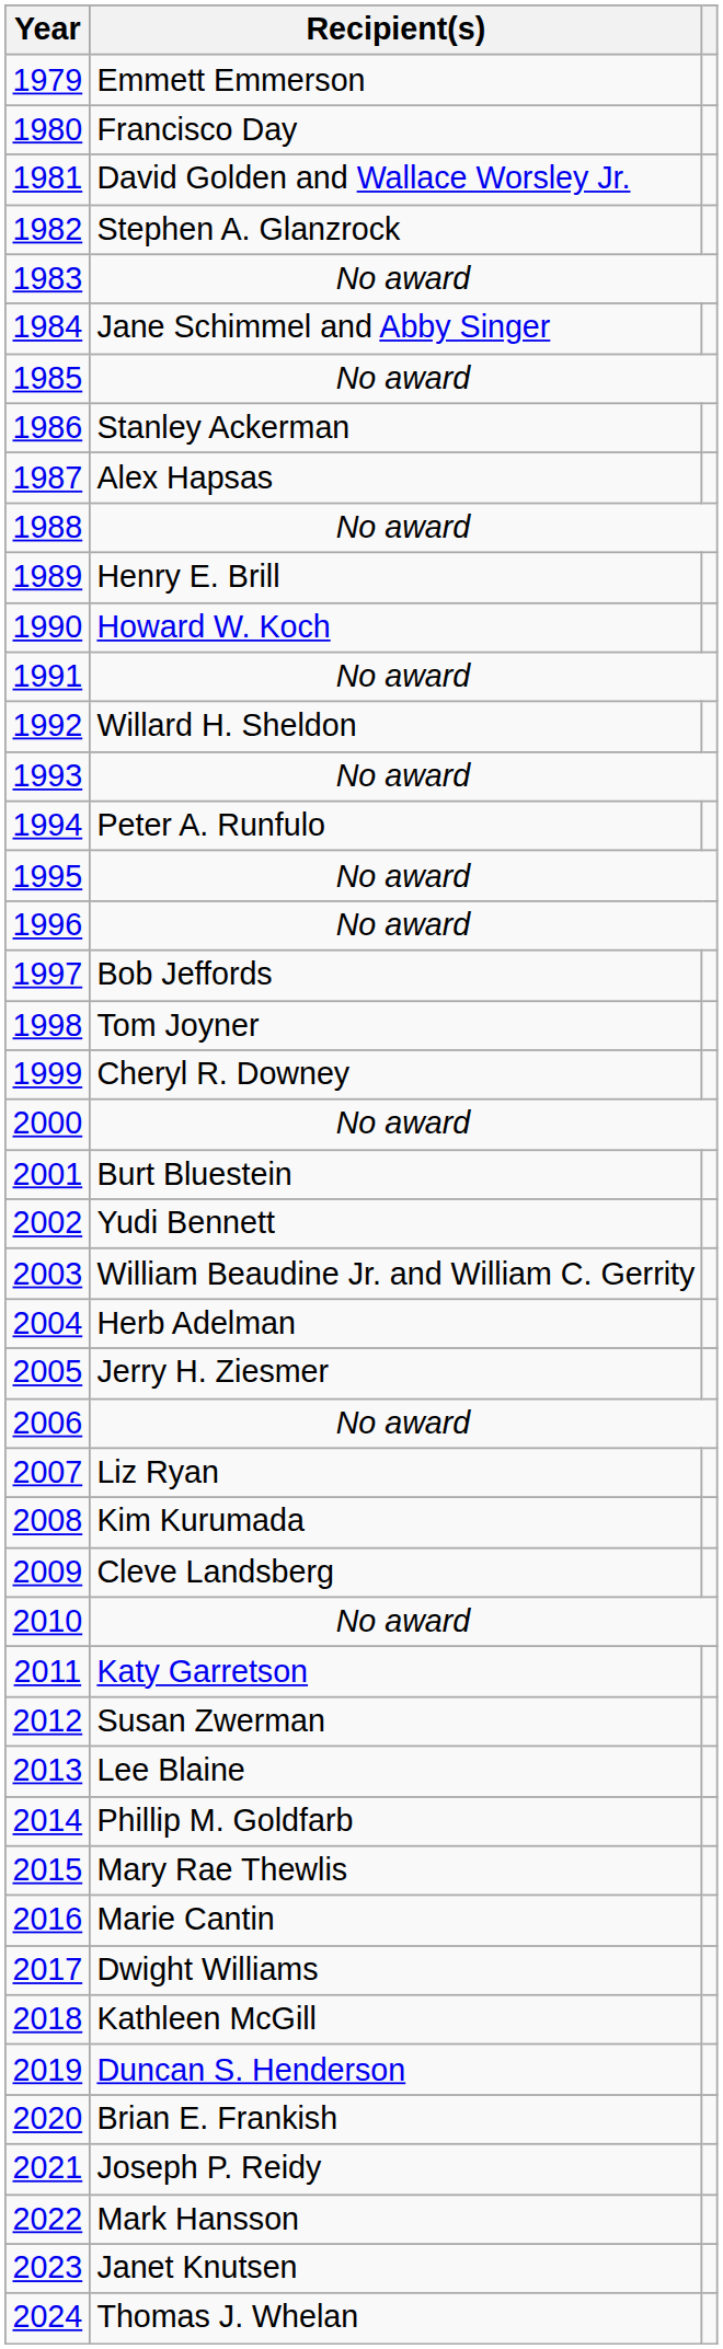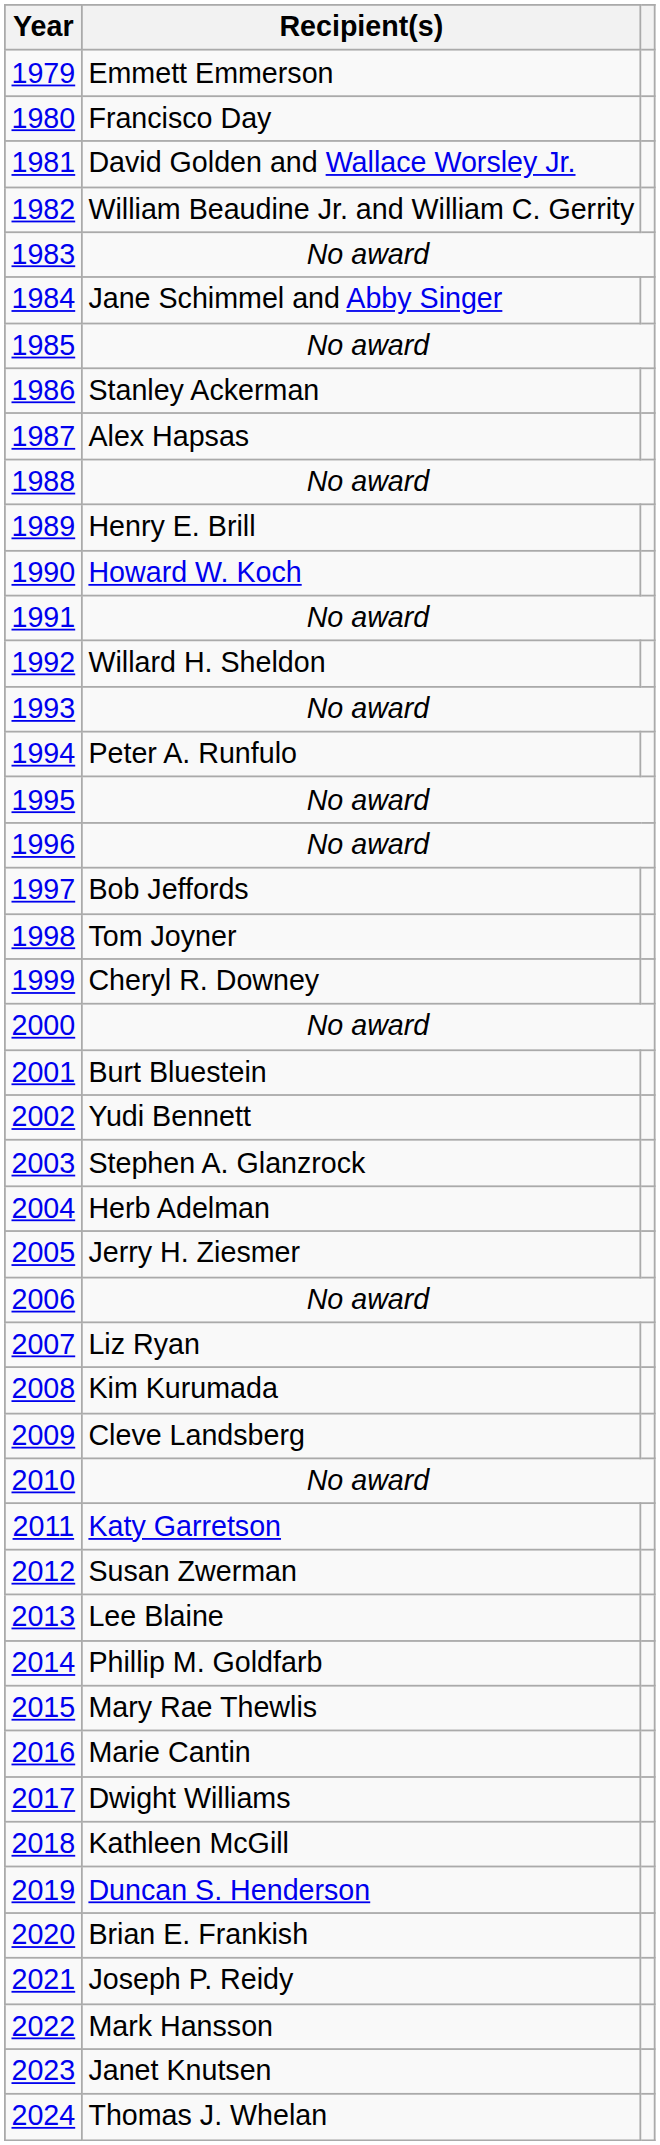 <table class="wikitable sortable">
 <tr>
 <th>Year</th>
 <th>Recipient(s)</th>
 <th class=unsortable></th>
 </tr>
 <tr>
 <td style="text-align:center;"><a href='#'>1979</a></td>
 <td>Emmett Emmerson</td>
 <td style="text-align:center;"></td>
 </tr>
 <tr>
 <td style="text-align:center;"><a href='#'>1980</a></td>
 <td>Francisco Day</td>
 <td style="text-align:center;"></td>
 </tr>
 <tr>
 <td style="text-align:center;"><a href='#'>1981</a></td>
 <td>David Golden and <a href='#'>Wallace Worsley Jr.</a></td>
 <td style="text-align:center;"></td>
 </tr>
 <tr>
 <td style="text-align:center;"><a href='#'>1982</a></td>
-<td>Stephen A. Glanzrock</td>
+<td>William Beaudine Jr. and William C. Gerrity</td>
 <td style="text-align:center;"></td>
 </tr>
 <tr>
 <td style="text-align:center;"><a href='#'>1983</a></td>
 <td style="text-align:center;" colspan="2"><em>No award</em></td>
 </tr>
 <tr>
 <td style="text-align:center;"><a href='#'>1984</a></td>
 <td>Jane Schimmel and <a href='#'>Abby Singer</a></td>
 <td style="text-align:center;"></td>
 </tr>
 <tr>
 <td style="text-align:center;"><a href='#'>1985</a></td>
 <td style="text-align:center;" colspan="2"><em>No award</em></td>
 </tr>
 <tr>
 <td style="text-align:center;"><a href='#'>1986</a></td>
 <td>Stanley Ackerman</td>
 <td style="text-align:center;"></td>
 </tr>
 <tr>
 <td style="text-align:center;"><a href='#'>1987</a></td>
 <td>Alex Hapsas</td>
 <td style="text-align:center;"></td>
 </tr>
 <tr>
 <td style="text-align:center;"><a href='#'>1988</a></td>
 <td style="text-align:center;" colspan="2"><em>No award</em></td>
 </tr>
 <tr>
 <td style="text-align:center;"><a href='#'>1989</a></td>
 <td>Henry E. Brill</td>
 <td style="text-align:center;"></td>
 </tr>
 <tr>
 <td style="text-align:center;"><a href='#'>1990</a></td>
 <td><a href='#'>Howard W. Koch</a></td>
 <td style="text-align:center;"></td>
 </tr>
 <tr>
 <td style="text-align:center;"><a href='#'>1991</a></td>
 <td style="text-align:center;" colspan="2"><em>No award</em></td>
 </tr>
 <tr>
 <td style="text-align:center;"><a href='#'>1992</a></td>
 <td>Willard H. Sheldon</td>
 <td style="text-align:center;"></td>
 </tr>
 <tr>
 <td style="text-align:center;"><a href='#'>1993</a></td>
 <td style="text-align:center;" colspan="2"><em>No award</em></td>
 </tr>
 <tr>
 <td style="text-align:center;"><a href='#'>1994</a></td>
 <td>Peter A. Runfulo</td>
 <td></td>
 </tr>
 <tr>
 <td style="text-align:center;"><a href='#'>1995</a></td>
 <td style="text-align:center;" colspan="2"><em>No award</em></td>
 </tr>
 <tr>
 <td style="text-align:center;"><a href='#'>1996</a></td>
 <td style="text-align:center;" colspan="2"><em>No award</em></td>
 </tr>
 <tr>
 <td style="text-align:center;"><a href='#'>1997</a></td>
 <td>Bob Jeffords</td>
 <td style="text-align:center;"></td>
 </tr>
 <tr>
 <td style="text-align:center;"><a href='#'>1998</a></td>
 <td>Tom Joyner</td>
 <td style="text-align:center;"></td>
 </tr>
 <tr>
 <td style="text-align:center;"><a href='#'>1999</a></td>
 <td>Cheryl R. Downey</td>
 <td style="text-align:center;"></td>
 </tr>
 <tr>
 <td style="text-align:center;"><a href='#'>2000</a></td>
 <td style="text-align:center;" colspan="2"><em>No award</em></td>
 </tr>
 <tr>
 <td style="text-align:center;"><a href='#'>2001</a></td>
 <td>Burt Bluestein</td>
 <td style="text-align:center;"></td>
 </tr>
 <tr>
 <td style="text-align:center;"><a href='#'>2002</a></td>
 <td>Yudi Bennett</td>
 <td style="text-align:center;"></td>
 </tr>
 <tr>
 <td style="text-align:center;"><a href='#'>2003</a></td>
-<td>William Beaudine Jr. and William C. Gerrity</td>
+<td>Stephen A. Glanzrock</td>
 <td style="text-align:center;"></td>
 </tr>
 <tr>
 <td style="text-align:center;"><a href='#'>2004</a></td>
 <td>Herb Adelman</td>
 <td style="text-align:center;"></td>
 </tr>
 <tr>
 <td style="text-align:center;"><a href='#'>2005</a></td>
 <td>Jerry H. Ziesmer</td>
 <td style="text-align:center;"></td>
 </tr>
 <tr>
 <td style="text-align:center;"><a href='#'>2006</a></td>
 <td style="text-align:center;" colspan="2"><em>No award</em></td>
 </tr>
 <tr>
 <td style="text-align:center;"><a href='#'>2007</a></td>
 <td>Liz Ryan</td>
 <td style="text-align:center;"></td>
 </tr>
 <tr>
 <td style="text-align:center;"><a href='#'>2008</a></td>
 <td>Kim Kurumada</td>
 <td style="text-align:center;"></td>
 </tr>
 <tr>
 <td style="text-align:center;"><a href='#'>2009</a></td>
 <td>Cleve Landsberg</td>
 <td style="text-align:center;"></td>
 </tr>
 <tr>
 <td style="text-align:center;"><a href='#'>2010</a></td>
 <td style="text-align:center;" colspan="2"><em>No award</em></td>
 </tr>
 <tr>
 <td style="text-align:center;"><a href='#'>2011</a></td>
 <td><a href='#'>Katy Garretson</a></td>
 <td style="text-align:center;"></td>
 </tr>
 <tr>
 <td style="text-align:center;"><a href='#'>2012</a></td>
 <td>Susan Zwerman</td>
 <td style="text-align:center;"></td>
 </tr>
 <tr>
 <td style="text-align:center;"><a href='#'>2013</a></td>
 <td>Lee Blaine</td>
 <td style="text-align:center;"></td>
 </tr>
 <tr>
 <td style="text-align:center;"><a href='#'>2014</a></td>
 <td>Phillip M. Goldfarb</td>
 <td style="text-align:center;"></td>
 </tr>
 <tr>
 <td style="text-align:center;"><a href='#'>2015</a></td>
 <td>Mary Rae Thewlis</td>
 <td style="text-align:center;"></td>
 </tr>
 <tr>
 <td style="text-align:center;"><a href='#'>2016</a></td>
 <td>Marie Cantin</td>
 <td style="text-align:center;"></td>
 </tr>
 <tr>
 <td style="text-align:center;"><a href='#'>2017</a></td>
 <td>Dwight Williams</td>
 <td style="text-align:center;"></td>
 </tr>
 <tr>
 <td style="text-align:center;"><a href='#'>2018</a></td>
 <td>Kathleen McGill</td>
 <td style="text-align:center;"></td>
 </tr>
 <tr>
 <td style="text-align:center;"><a href='#'>2019</a></td>
 <td><a href='#'>Duncan S. Henderson</a></td>
 <td style="text-align:center;"></td>
 </tr>
 <tr>
 <td style="text-align:center;"><a href='#'>2020</a></td>
 <td>Brian E. Frankish</td>
 <td style="text-align:center;"></td>
 </tr>
 <tr>
 <td style="text-align:center;"><a href='#'>2021</a></td>
 <td>Joseph P. Reidy</td>
 <td style="text-align:center;"></td>
 </tr>
 <tr>
 <td style="text-align:center;"><a href='#'>2022</a></td>
 <td>Mark Hansson</td>
 <td style="text-align:center;"></td>
 </tr>
 <tr>
 <td style="text-align:center;"><a href='#'>2023</a></td>
 <td>Janet Knutsen</td>
 <td style="text-align:center;"></td>
 </tr>
 <tr>
 <td style="text-align:center;"><a href='#'>2024</a></td>
 <td>Thomas J. Whelan</td>
 <td style="text-align:center;"></td>
 </tr>
 </table>
